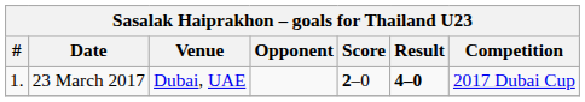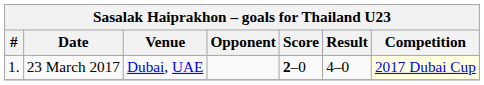 <table class="wikitable" style="font-size:90%;">
 <tr>
 <th colspan="8"><strong>Sasalak Haiprakhon – goals for Thailand U23</strong></th>
 </tr>
 <tr>
 <th>#</th>
 <th>Date</th>
 <th>Venue</th>
 <th>Opponent</th>
 <th>Score</th>
 <th>Result</th>
 <th>Competition</th>
 </tr>
 <tr>
 <td>1.</td>
 <td>23 March 2017</td>
 <td><a href='#'>Dubai</a>, <a href='#'>UAE</a></td>
 <td></td>
 <td><strong>2</strong>–0</td>
-<td><strong>4–0</strong></td>
-<td><a href='#'>2017 Dubai Cup</a></td>
+<td>4–0</td>
+<td style="background: lightyellow;"><a href='#'>2017 Dubai Cup</a></td>
 </tr>
 <tr>
 </tr>
 </table>
